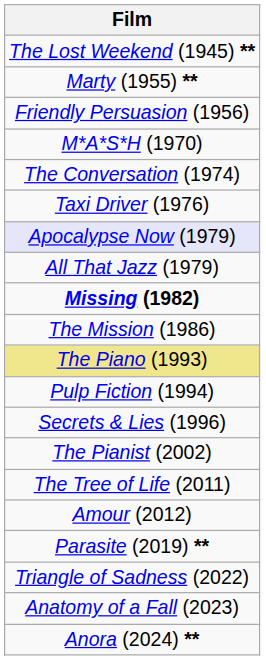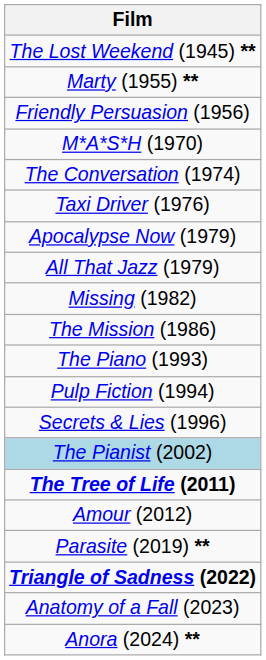 <table class="wikitable sortable" style="text-align: center">
 <tr>
 <th scope="col">Film</th>
 </tr>
 <tr>
 <td><em><a href='#'>The Lost Weekend</a></em> (1945) <strong>**</strong></td>
 </tr>
 <tr>
 <td><em><a href='#'>Marty</a></em> (1955) <strong>**</strong></td>
 </tr>
 <tr>
 <td><em><a href='#'>Friendly Persuasion</a></em> (1956)</td>
 </tr>
 <tr>
 <td><em><a href='#'>M*A*S*H</a></em> (1970)</td>
 </tr>
 <tr>
 <td><em><a href='#'>The Conversation</a></em> (1974)</td>
 </tr>
 <tr>
 <td><em><a href='#'>Taxi Driver</a></em> (1976)</td>
 </tr>
 <tr>
-<td style="background: lavender;"><em><a href='#'>Apocalypse Now</a></em> (1979)</td>
+<td><em><a href='#'>Apocalypse Now</a></em> (1979)</td>
 </tr>
 <tr>
 <td><em><a href='#'>All That Jazz</a></em> (1979)</td>
 </tr>
 <tr>
-<td><strong><em><a href='#'>Missing</a></em> (1982)</strong></td>
+<td><em><a href='#'>Missing</a></em> (1982)</td>
 </tr>
 <tr>
 <td><em><a href='#'>The Mission</a></em> (1986)</td>
 </tr>
 <tr>
-<td style="background: khaki;"><em><a href='#'>The Piano</a></em> (1993)</td>
+<td><em><a href='#'>The Piano</a></em> (1993)</td>
 </tr>
 <tr>
 <td><em><a href='#'>Pulp Fiction</a></em> (1994)</td>
 </tr>
 <tr>
 <td><em><a href='#'>Secrets & Lies</a></em> (1996)</td>
 </tr>
 <tr>
-<td><em><a href='#'>The Pianist</a></em> (2002)</td>
+<td style="background: lightblue;"><em><a href='#'>The Pianist</a></em> (2002)</td>
 </tr>
 <tr>
-<td><em><a href='#'>The Tree of Life</a></em> (2011)</td>
+<td><strong><em><a href='#'>The Tree of Life</a></em> (2011)</strong></td>
 </tr>
 <tr>
 <td><em><a href='#'>Amour</a></em> (2012)</td>
 </tr>
 <tr>
 <td><em><a href='#'>Parasite</a></em> (2019) <strong>**</strong></td>
 </tr>
 <tr>
-<td><em><a href='#'>Triangle of Sadness</a></em> (2022)</td>
+<td><strong><em><a href='#'>Triangle of Sadness</a></em> (2022)</strong></td>
 </tr>
 <tr>
 <td><em><a href='#'>Anatomy of a Fall</a></em> (2023)</td>
 </tr>
 <tr>
 <td><em><a href='#'>Anora</a></em> (2024) <strong>**</strong></td>
 </tr>
 </table>
